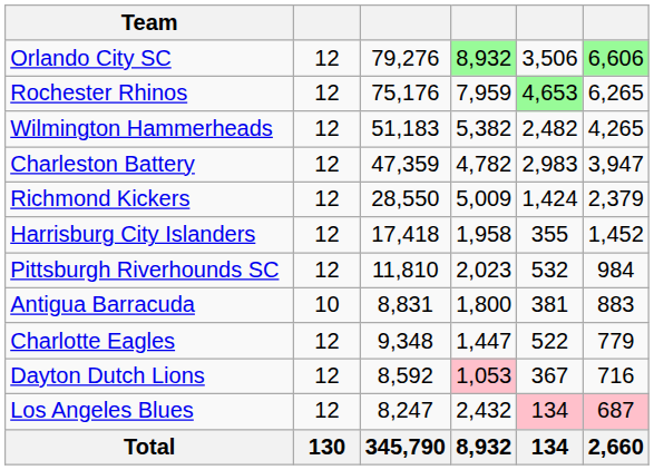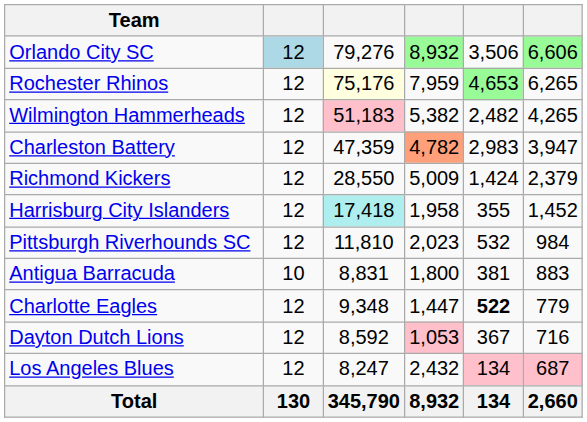 <table class="wikitable sortable">
 <tr>
 <th width=200>Team</th>
 <th width=40></th>
 <th width=40></th>
 <th width=40></th>
 <th width=40></th>
 <th width=40></th>
 </tr>
 <tr align="center">
 <td align="left"><a href='#'>Orlando City SC</a></td>
-<td>12</td>
+<td style="background: lightblue;">12</td>
 <td>79,276</td>
 <td bgcolor="#98fb98">8,932</td>
 <td>3,506</td>
 <td bgcolor="#98fb98">6,606</td>
 </tr>
 <tr align="center">
 <td align="left"><a href='#'>Rochester Rhinos</a></td>
 <td>12</td>
-<td>75,176</td>
+<td style="background: lightyellow;">75,176</td>
 <td>7,959</td>
 <td bgcolor="#98fb98">4,653</td>
 <td>6,265</td>
 </tr>
 <tr align="center">
 <td align="left"><a href='#'>Wilmington Hammerheads</a></td>
 <td>12</td>
-<td>51,183</td>
+<td style="background: pink;">51,183</td>
 <td>5,382</td>
 <td>2,482</td>
 <td>4,265</td>
 </tr>
 <tr align="center">
 <td align="left"><a href='#'>Charleston Battery</a></td>
 <td>12</td>
 <td>47,359</td>
-<td>4,782</td>
+<td style="background: lightsalmon;">4,782</td>
 <td>2,983</td>
 <td>3,947</td>
 </tr>
 <tr align="center">
 <td align="left"><a href='#'>Richmond Kickers</a></td>
 <td>12</td>
 <td>28,550</td>
 <td>5,009</td>
 <td>1,424</td>
 <td>2,379</td>
 </tr>
 <tr align="center">
 <td align="left"><a href='#'>Harrisburg City Islanders</a></td>
 <td>12</td>
-<td>17,418</td>
+<td style="background: paleturquoise;">17,418</td>
 <td>1,958</td>
 <td>355</td>
 <td>1,452</td>
 </tr>
 <tr align="center">
 <td align="left"><a href='#'>Pittsburgh Riverhounds SC</a></td>
 <td>12</td>
 <td>11,810</td>
 <td>2,023</td>
 <td>532</td>
 <td>984</td>
 </tr>
 <tr align="center">
 <td align="left"><a href='#'>Antigua Barracuda</a></td>
 <td>10</td>
 <td>8,831</td>
 <td>1,800</td>
 <td>381</td>
 <td>883</td>
 </tr>
 <tr align="center">
 <td align="left"><a href='#'>Charlotte Eagles</a></td>
 <td>12</td>
 <td>9,348</td>
 <td>1,447</td>
-<td>522</td>
+<td><strong>522</strong></td>
 <td>779</td>
 </tr>
 <tr align="center">
 <td align="left"><a href='#'>Dayton Dutch Lions</a></td>
 <td>12</td>
 <td>8,592</td>
 <td bgcolor="#ffc0cb">1,053</td>
 <td>367</td>
 <td>716</td>
 </tr>
 <tr align="center">
 <td align="left"><a href='#'>Los Angeles Blues</a></td>
 <td>12</td>
 <td>8,247</td>
 <td>2,432</td>
 <td bgcolor="#ffc0cb">134</td>
 <td bgcolor="#ffc0cb">687</td>
 </tr>
 <tr align="center">
 <th align="left">Total</th>
 <th>130</th>
 <th>345,790</th>
 <th>8,932</th>
 <th>134</th>
 <th>2,660</th>
 </tr>
 </table>
